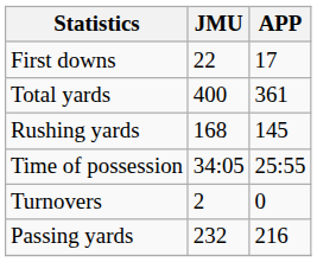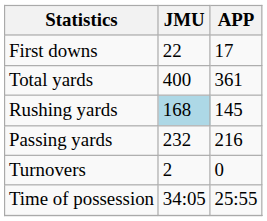 <table class="wikitable" style="float: left;">
 <tr>
 <th>Statistics</th>
 <th>JMU</th>
 <th>APP</th>
 </tr>
 <tr>
 <td>First downs</td>
 <td>22</td>
 <td>17</td>
 </tr>
 <tr>
 <td>Total yards</td>
 <td>400</td>
 <td>361</td>
 </tr>
 <tr>
 <td>Rushing yards</td>
-<td>168</td>
+<td style="background: lightblue;">168</td>
 <td>145</td>
+</tr>
+<tr>
+<td>Passing yards</td>
+<td>232</td>
+<td>216</td>
+</tr>
+<tr>
+<td>Turnovers</td>
+<td>2</td>
+<td>0</td>
 </tr>
 <tr>
 <td>Time of possession</td>
 <td>34:05</td>
 <td>25:55</td>
 </tr>
 <tr>
-<td>Turnovers</td>
-<td>2</td>
-<td>0</td>
-</tr>
-<tr>
-<td>Passing yards</td>
-<td>232</td>
-<td>216</td>
-</tr>
-<tr>
 </tr>
 </table>
